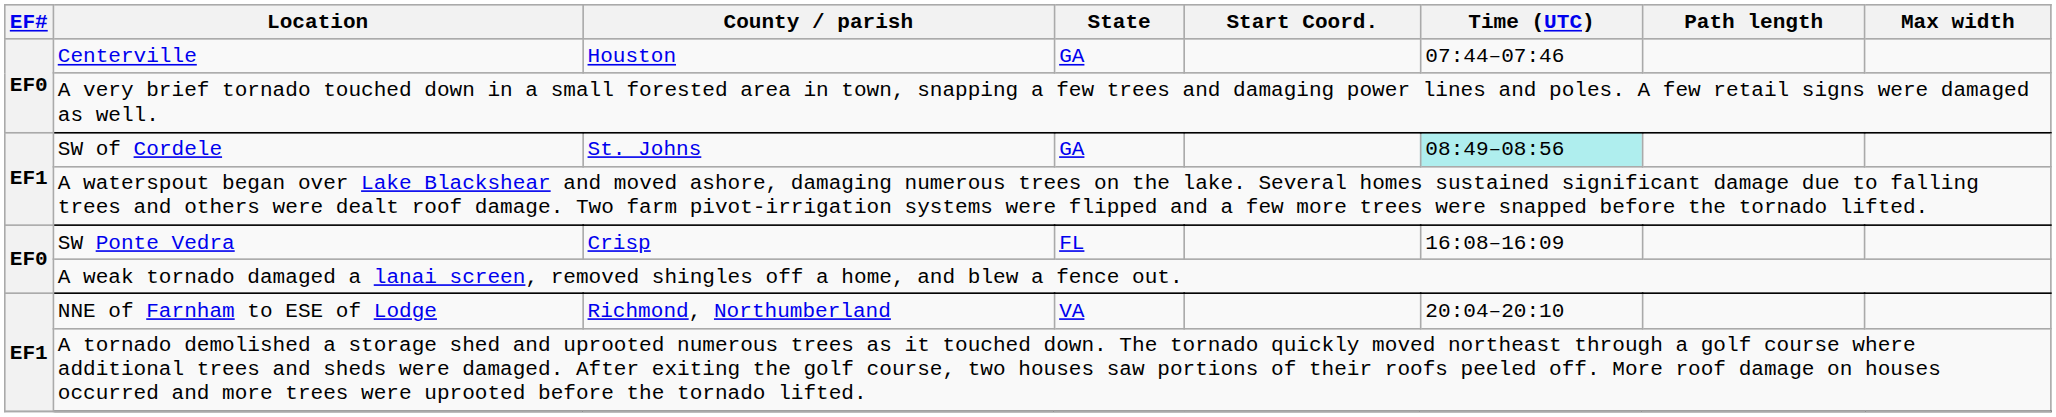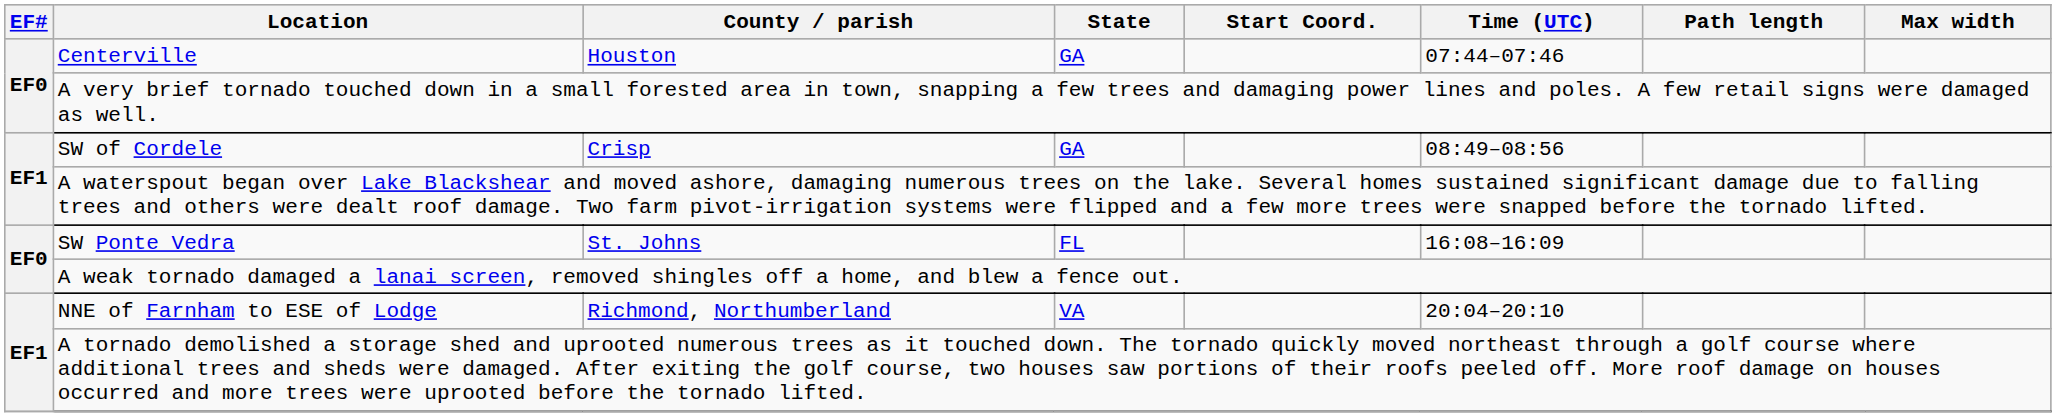 <table class="wikitable sortable" style="width:100%;">
 <tr>
 <th scope="col" width="2%" align="center"><a href='#'>EF#</a></th>
 <th scope="col" align="center" class="unsortable">Location</th>
 <th scope="col" align="center" class="unsortable">County / parish</th>
 <th scope="col" align="center">State</th>
 <th scope="col" align="center">Start Coord.</th>
 <th scope="col" align="center">Time (<a href='#'>UTC</a>)</th>
 <th scope="col" align="center">Path length</th>
 <th scope="col" align="center">Max width</th>
 </tr>
 <tr>
 <th scope="row" rowspan="2" style="background-color:#">EF0</th>
 <td><a href='#'>Centerville</a></td>
 <td><a href='#'>Houston</a></td>
 <td><a href='#'>GA</a></td>
 <td></td>
 <td>07:44–07:46</td>
 <td></td>
 <td></td>
 </tr>
 <tr class="expand-child">
 <td colspan="8" style=" border-bottom: 1px solid black;">A very brief tornado touched down in a small forested area in town, snapping a few trees and damaging power lines and poles. A few retail signs were damaged as well.</td>
 </tr>
 <tr>
 <th scope="row" rowspan="2" style="background-color:#">EF1</th>
 <td>SW of <a href='#'>Cordele</a></td>
-<td><a href='#'>St. Johns</a></td>
+<td><a href='#'>Crisp</a></td>
 <td><a href='#'>GA</a></td>
 <td></td>
-<td style="background: paleturquoise;">08:49–08:56</td>
+<td>08:49–08:56</td>
 <td></td>
 <td></td>
 </tr>
 <tr class="expand-child">
 <td colspan="8" style=" border-bottom: 1px solid black;">A waterspout began over <a href='#'>Lake Blackshear</a> and moved ashore, damaging numerous trees on the lake. Several homes sustained significant damage due to falling trees and others were dealt roof damage. Two farm pivot-irrigation systems were flipped and a few more trees were snapped before the tornado lifted.</td>
 </tr>
 <tr>
 <th scope="row" rowspan="2" style="background-color:#">EF0</th>
 <td>SW <a href='#'>Ponte Vedra</a></td>
-<td><a href='#'>Crisp</a></td>
+<td><a href='#'>St. Johns</a></td>
 <td><a href='#'>FL</a></td>
 <td></td>
 <td>16:08–16:09</td>
 <td></td>
 <td></td>
 </tr>
 <tr class="expand-child">
 <td colspan="8" style=" border-bottom: 1px solid black;">A weak tornado damaged a <a href='#'>lanai screen</a>, removed shingles off a home, and blew a fence out.</td>
 </tr>
 <tr>
 <th scope="row" rowspan="2" style="background-color:#">EF1</th>
 <td>NNE of <a href='#'>Farnham</a> to ESE of <a href='#'>Lodge</a></td>
 <td><a href='#'>Richmond</a>, <a href='#'>Northumberland</a></td>
 <td><a href='#'>VA</a></td>
 <td></td>
 <td>20:04–20:10</td>
 <td></td>
 <td></td>
 </tr>
 <tr class="expand-child">
 <td colspan="8" style=" border-bottom: 1px solid black;">A tornado demolished a storage shed and uprooted numerous trees as it touched down. The tornado quickly moved northeast through a golf course where additional trees and sheds were damaged. After exiting the golf course, two houses saw portions of their roofs peeled off. More roof damage on houses occurred and more trees were uprooted before the tornado lifted.</td>
 </tr>
 <tr>
 </tr>
 </table>
